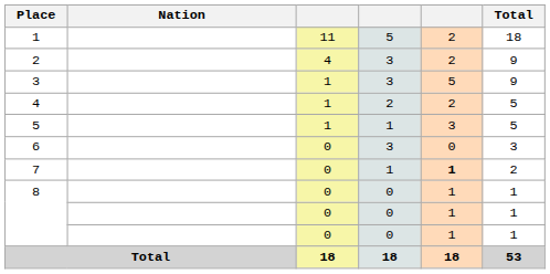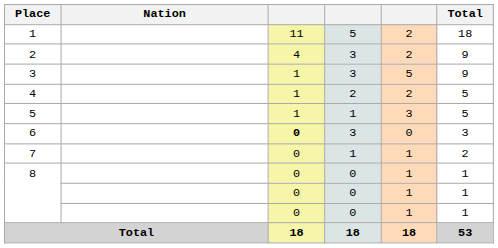 <table class=wikitable style="border:1px solid #AAAAAA;font-size:90%">
 <tr bgcolor="#EFEFEF">
 <th width=50>Place</th>
 <th width=200>Nation</th>
 <th width=50></th>
 <th width=50></th>
 <th width=50></th>
 <th width=50>Total</th>
 </tr>
 <tr align="center" valign="top" bgcolor="#FFFFFF">
 <td>1</td>
 <td align="left"></td>
 <td style="background:#F7F6A8;">11</td>
 <td style="background:#DCE5E5;">5</td>
 <td style="background:#FFDAB9;">2</td>
 <td>18</td>
 </tr>
 <tr align="center" valign="top" bgcolor="#FFFFFF">
 <td>2</td>
 <td align="left"></td>
 <td style="background:#F7F6A8;">4</td>
 <td style="background:#DCE5E5;">3</td>
 <td style="background:#FFDAB9;">2</td>
 <td>9</td>
 </tr>
 <tr align="center" valign="top" bgcolor="#FFFFFF">
 <td>3</td>
 <td align="left"></td>
 <td style="background:#F7F6A8;">1</td>
 <td style="background:#DCE5E5;">3</td>
 <td style="background:#FFDAB9;">5</td>
 <td>9</td>
 </tr>
 <tr align="center" valign="top" bgcolor="#FFFFFF">
 <td>4</td>
 <td align="left"></td>
 <td style="background:#F7F6A8;">1</td>
 <td style="background:#DCE5E5;">2</td>
 <td style="background:#FFDAB9;">2</td>
 <td>5</td>
 </tr>
 <tr align="center" valign="top" bgcolor="#FFFFFF">
 <td>5</td>
 <td align="left"></td>
 <td style="background:#F7F6A8;">1</td>
 <td style="background:#DCE5E5;">1</td>
 <td style="background:#FFDAB9;">3</td>
 <td>5</td>
 </tr>
 <tr align="center" valign="top" bgcolor="#FFFFFF">
 <td>6</td>
 <td align="left"></td>
-<td style="background:#F7F6A8;">0</td>
+<td style="background:#F7F6A8;"><strong>0</strong></td>
 <td style="background:#DCE5E5;">3</td>
 <td style="background:#FFDAB9;">0</td>
 <td>3</td>
 </tr>
 <tr align="center" valign="top" bgcolor="#FFFFFF">
 <td>7</td>
 <td align="left"></td>
 <td style="background:#F7F6A8;">0</td>
 <td style="background:#DCE5E5;">1</td>
-<td style="background:#FFDAB9;"><strong>1</strong></td>
+<td style="background:#FFDAB9;">1</td>
 <td>2</td>
 </tr>
 <tr align="center" valign="top" bgcolor="#FFFFFF">
 <td rowspan="3" valign="center">8</td>
 <td align="left"></td>
 <td style="background:#F7F6A8;">0</td>
 <td style="background:#DCE5E5;">0</td>
 <td style="background:#FFDAB9;">1</td>
 <td>1</td>
 </tr>
 <tr align="center" valign="top" bgcolor="#FFFFFF">
 <td align="left"></td>
 <td style="background:#F7F6A8;">0</td>
 <td style="background:#DCE5E5;">0</td>
 <td style="background:#FFDAB9;">1</td>
 <td>1</td>
 </tr>
 <tr align="center" valign="top" bgcolor="#FFFFFF">
 <td align="left"></td>
 <td style="background:#F7F6A8;">0</td>
 <td style="background:#DCE5E5;">0</td>
 <td style="background:#FFDAB9;">1</td>
 <td>1</td>
 </tr>
 <tr align="center">
 <td colspan="2" bgcolor=D3D3D3><strong>Total</strong></td>
 <td style="background:#F7F6A8;"><strong>18</strong></td>
 <td style="background:#DCE5E5;"><strong>18</strong></td>
 <td style="background:#FFDAB9;"><strong>18</strong></td>
 <td bgcolor=D3D3D3><strong>53</strong></td>
 </tr>
 </table>
